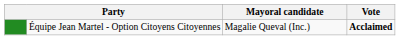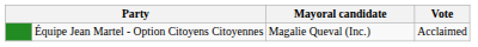 <table class="wikitable">
 <tr>
 <th bgcolor="#DDDDFF" width="230px" colspan="2">Party</th>
 <th bgcolor="#DDDDFF" width="200px">Mayoral candidate</th>
 <th bgcolor="#DDDDFF" width="30px">Vote</th>
 </tr>
 <tr>
 <td bgcolor="#228B22" width="30px"> </td>
 <td>Équipe Jean Martel - Option Citoyens Citoyennes</td>
 <td>Magalie Queval (Inc.)</td>
-<td><strong>Acclaimed</strong></td>
+<td>Acclaimed</td>
 </tr>
 </table>
